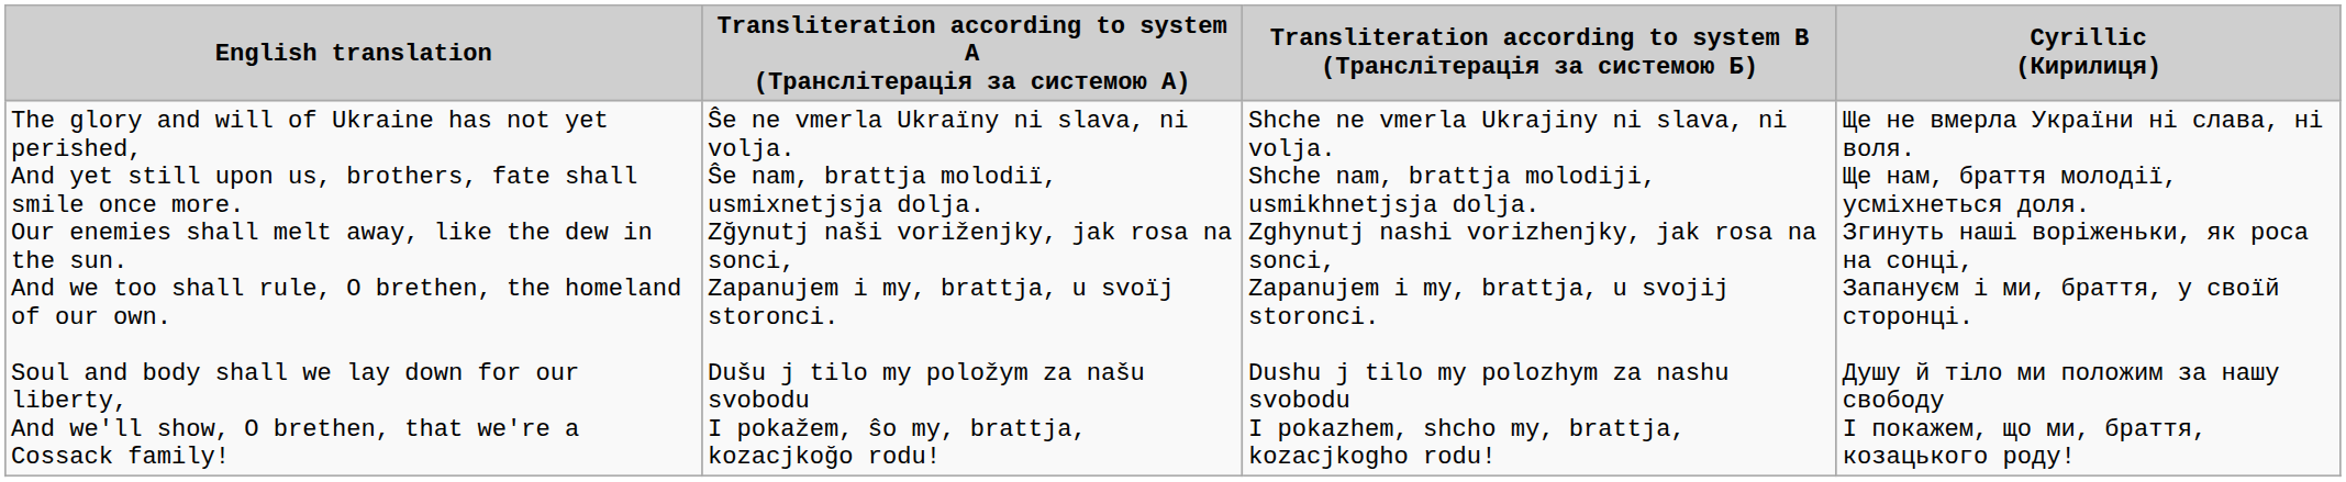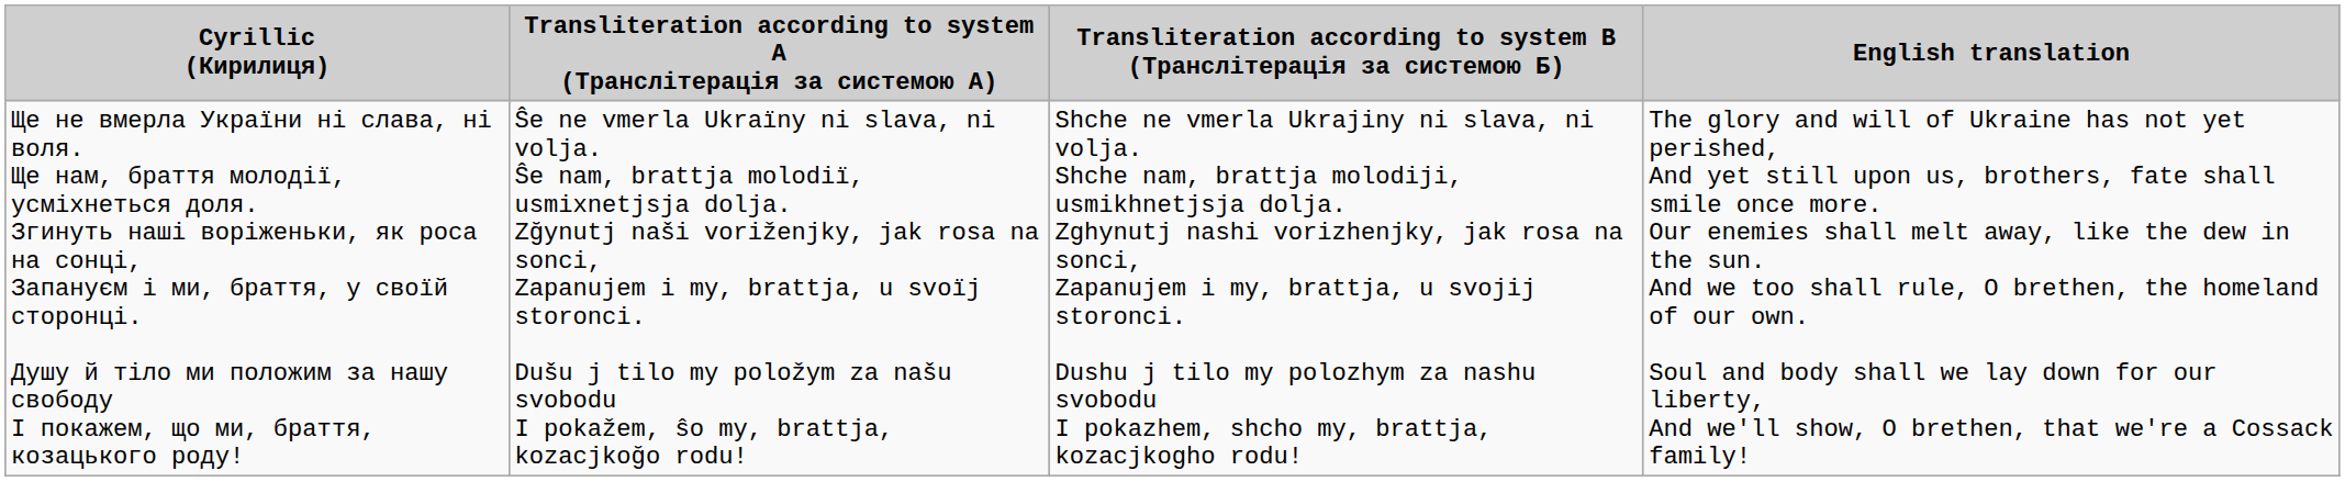 <table class="wikitable" border="1" cellpadding="3" cellspacing="0" align="center">
 <tr>
-<th style="background:#CFCFCF;">English translation</th>
+<th style="background:#CFCFCF;">Cyrillic<br>(Кирилиця)</th>
 <th style="background:#CFCFCF;">Transliteration according to system A<br>(Транслітерація за системою А)</th>
 <th style="background:#CFCFCF;">Transliteration according to system B<br>(Транслітерація за системою Б)</th>
-<th style="background:#CFCFCF;">Cyrillic<br>(Кирилиця)</th>
+<th style="background:#CFCFCF;">English translation</th>
 </tr>
 <tr>
-<td>The glory and will of Ukraine has not yet perished,<br>And yet still upon us, brothers, fate shall smile once more.<br>Our enemies shall melt away, like the dew in the sun.<br>And we too shall rule, O brethen, the homeland of our own.<br><br>Soul and body shall we lay down for our liberty,<br>And we'll show, O brethen, that we're a Cossack family!</td>
+<td>Ще не вмерла України ні слава, ні воля. <br> Ще нам, браття молодії, усміхнеться доля. <br> Згинуть наші воріженьки, як роса на сонці,<br> Запануєм і ми, браття, у своїй сторонці.<br><br> Душу й тіло ми положим за нашу свободу<br>І покажем, що ми, браття, козацького роду!</td>
 <td>Ŝe ne vmerla Ukraïny ni slava, ni volja. <br> Ŝe nam, brattja molodiï, usmixnetjsja dolja. <br> Zğynutj naši voriženjky, jak rosa na sonci,<br> Zapanujem i my, brattja, u svoïj storonci.<br><br> Dušu j tilo my položym za našu svobodu<br>I pokažem, ŝo my, brattja, kozacjkoğo rodu!</td>
 <td>Shche ne vmerla Ukrajiny ni slava, ni volja. <br> Shche nam, brattja molodiji, usmikhnetjsja dolja. <br> Zghynutj nashi vorizhenjky, jak rosa na sonci,<br> Zapanujem i my, brattja, u svojij storonci.<br><br> Dushu j tilo my polozhym za nashu svobodu<br>I pokazhem, shcho my, brattja, kozacjkogho rodu!</td>
-<td>Ще не вмерла України ні слава, ні воля. <br> Ще нам, браття молодії, усміхнеться доля. <br> Згинуть наші воріженьки, як роса на сонці,<br> Запануєм і ми, браття, у своїй сторонці.<br><br> Душу й тіло ми положим за нашу свободу<br>І покажем, що ми, браття, козацького роду!</td>
+<td>The glory and will of Ukraine has not yet perished,<br>And yet still upon us, brothers, fate shall smile once more.<br>Our enemies shall melt away, like the dew in the sun.<br>And we too shall rule, O brethen, the homeland of our own.<br><br>Soul and body shall we lay down for our liberty,<br>And we'll show, O brethen, that we're a Cossack family!</td>
 </tr>
 </table>
